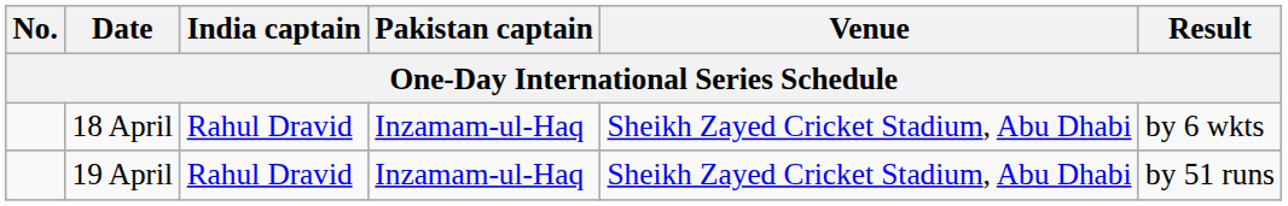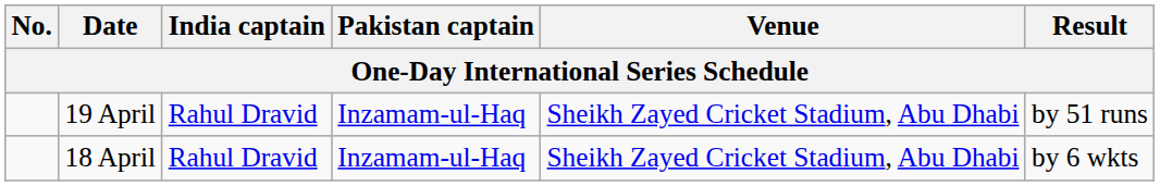 <table class="wikitable">
 <tr style="background:#efefef;">
 <th>No.</th>
 <th>Date</th>
 <th>India captain</th>
 <th>Pakistan captain</th>
 <th>Venue</th>
 <th>Result</th>
 </tr>
 <tr>
 <th colspan="6">One-Day International Series Schedule</th>
 </tr>
 <tr>
 <td></td>
+<td>19 April</td>
+<td><a href='#'>Rahul Dravid</a></td>
+<td><a href='#'>Inzamam-ul-Haq</a></td>
+<td><a href='#'>Sheikh Zayed Cricket Stadium</a>, <a href='#'>Abu Dhabi</a></td>
+<td> by 51 runs</td>
+</tr>
+<tr>
+<td></td>
 <td>18 April</td>
 <td><a href='#'>Rahul Dravid</a></td>
 <td><a href='#'>Inzamam-ul-Haq</a></td>
 <td><a href='#'>Sheikh Zayed Cricket Stadium</a>, <a href='#'>Abu Dhabi</a></td>
 <td> by 6 wkts</td>
 </tr>
-<tr>
-<td></td>
-<td>19 April</td>
-<td><a href='#'>Rahul Dravid</a></td>
-<td><a href='#'>Inzamam-ul-Haq</a></td>
-<td><a href='#'>Sheikh Zayed Cricket Stadium</a>, <a href='#'>Abu Dhabi</a></td>
-<td> by 51 runs</td>
-</tr>
 </table>
